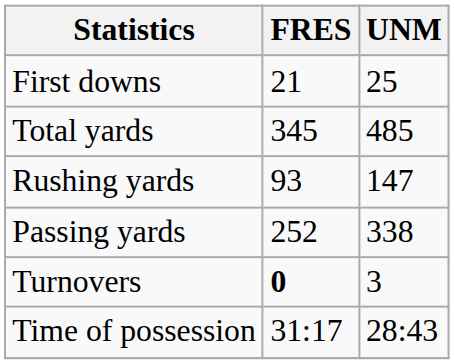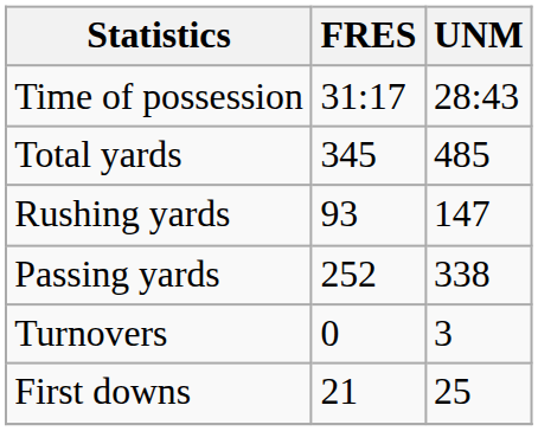 <table class="wikitable" style="float: left;">
 <tr>
 <th>Statistics</th>
 <th>FRES</th>
 <th>UNM</th>
 </tr>
 <tr>
-<td>First downs</td>
-<td>21</td>
-<td>25</td>
+<td>Time of possession</td>
+<td>31:17</td>
+<td>28:43</td>
 </tr>
 <tr>
 <td>Total yards</td>
 <td>345</td>
 <td>485</td>
 </tr>
 <tr>
 <td>Rushing yards</td>
 <td>93</td>
 <td>147</td>
 </tr>
 <tr>
 <td>Passing yards</td>
 <td>252</td>
 <td>338</td>
 </tr>
 <tr>
 <td>Turnovers</td>
-<td><strong>0</strong></td>
+<td>0</td>
 <td>3</td>
 </tr>
 <tr>
-<td>Time of possession</td>
-<td>31:17</td>
-<td>28:43</td>
+<td>First downs</td>
+<td>21</td>
+<td>25</td>
 </tr>
 <tr>
 </tr>
 </table>
